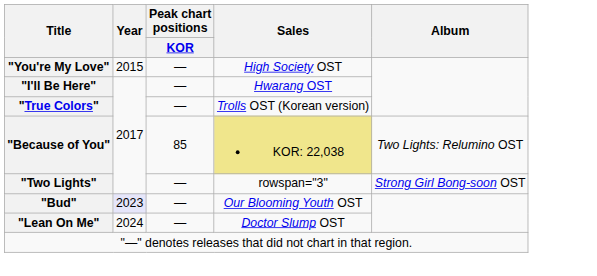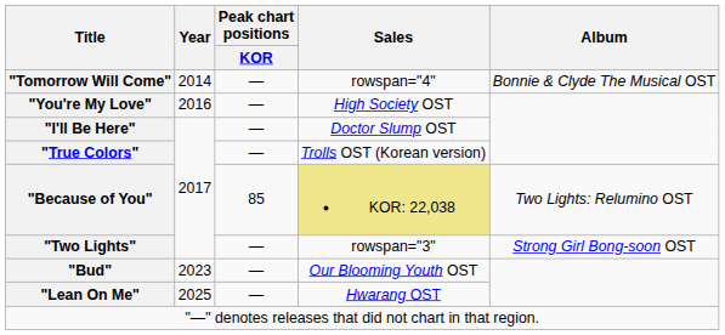 <table class="wikitable plainrowheaders" style="text-align:center">
 <tr>
 <th scope="col" rowspan="2">Title</th>
 <th scope="col" rowspan="2">Year</th>
 <th scope="col">Peak chart<br>positions</th>
 <th scope="col" rowspan="2">Sales<br></th>
 <th scope="col" rowspan="2">Album</th>
 </tr>
 <tr>
 <th scope="col"><a href='#'>KOR</a><br></th>
 </tr>
 <tr>
+<th scope="row">"Tomorrow Will Come"</th>
+<td>2014</td>
+<td>—</td>
+<td>rowspan="4" </td>
+<td><em>Bonnie & Clyde The Musical</em> OST</td>
+</tr>
+<tr>
 <th scope="row">"You're My Love"</th>
-<td>2015</td>
+<td>2016</td>
 <td>—</td>
 <td><em><a href='#'>High Society</a></em> OST</td>
 </tr>
 <tr>
 <th scope="row">"I'll Be Here"</th>
 <td rowspan="4">2017</td>
 <td>—</td>
-<td><a href='#'><em>Hwarang</em> OST</a></td>
+<td><em><a href='#'>Doctor Slump</a></em> OST</td>
 </tr>
 <tr>
 <th scope="row">"<a href='#'>True Colors</a>"<br></th>
 <td>—</td>
 <td><em><a href='#'>Trolls</a></em> OST (Korean version)</td>
 </tr>
 <tr>
 <th scope="row">"Because of You"</th>
 <td>85</td>
 <td style="background: khaki;"><br><ul><li>KOR: 22,038</li></ul></td>
 <td><em>Two Lights: Relumino</em> OST</td>
 </tr>
 <tr>
 <th scope="row">"Two Lights"</th>
 <td>—</td>
 <td>rowspan="3" </td>
 <td><em><a href='#'>Strong Girl Bong-soon</a></em> OST</td>
 </tr>
 <tr>
 <th scope="row">"Bud"</th>
-<td style="background: lavender;">2023</td>
+<td>2023</td>
 <td>—</td>
 <td><em><a href='#'>Our Blooming Youth</a></em> OST</td>
 </tr>
 <tr>
 <th scope="row">"Lean On Me"</th>
-<td>2024</td>
+<td>2025</td>
 <td>—</td>
-<td><em><a href='#'>Doctor Slump</a></em> OST</td>
+<td><a href='#'><em>Hwarang</em> OST</a></td>
 </tr>
 <tr>
 <td colspan="5">"—" denotes releases that did not chart in that region.</td>
 </tr>
 </table>
